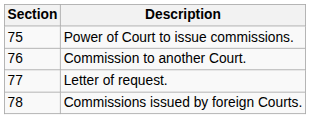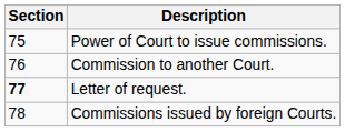 <table class="wikitable">
 <tr>
 <th>Section</th>
 <th>Description</th>
 </tr>
 <tr>
 <td>75</td>
 <td>Power of Court to issue commissions.</td>
 </tr>
 <tr>
 <td>76</td>
 <td>Commission to another Court.</td>
 </tr>
 <tr>
-<td>77</td>
+<td><strong>77</strong></td>
 <td>Letter of request.</td>
 </tr>
 <tr>
 <td>78</td>
 <td>Commissions issued by foreign Courts.</td>
 </tr>
 </table>
